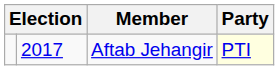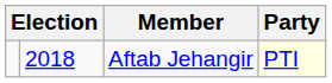 <table class="wikitable">
 <tr>
 <th colspan="2">Election</th>
 <th>Member</th>
 <th>Party</th>
 </tr>
 <tr>
 <td style="background-color: "></td>
-<td><a href='#'>2017</a></td>
+<td><a href='#'>2018</a></td>
 <td><a href='#'>Aftab Jehangir</a></td>
 <td style="background: lightyellow;"><a href='#'>PTI</a></td>
 </tr>
 </table>
